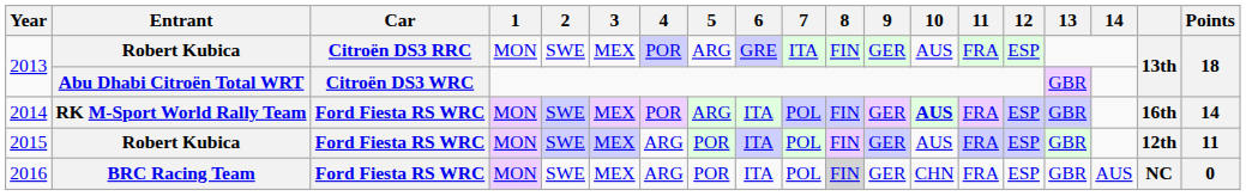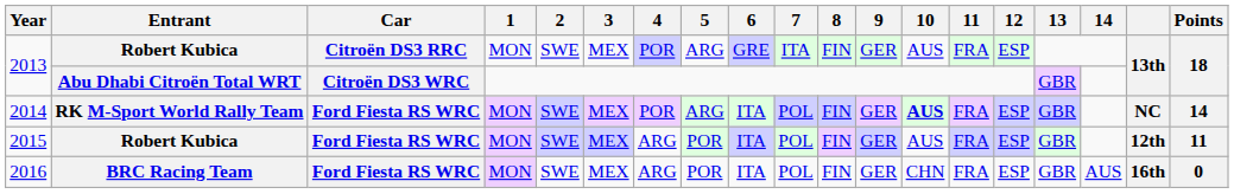 <table class="wikitable" style="text-align:center; font-size:85%;">
 <tr>
 <th>Year</th>
 <th>Entrant</th>
 <th>Car</th>
 <th>1</th>
 <th>2</th>
 <th>3</th>
 <th>4</th>
 <th>5</th>
 <th>6</th>
 <th>7</th>
 <th>8</th>
 <th>9</th>
 <th>10</th>
 <th>11</th>
 <th>12</th>
 <th>13</th>
 <th>14</th>
 <th></th>
 <th>Points</th>
 </tr>
 <tr>
 <td rowspan=2><a href='#'>2013</a></td>
 <th nowrap>Robert Kubica</th>
 <th nowrap><a href='#'>Citroën DS3 RRC</a></th>
 <td><a href='#'>MON</a></td>
 <td><a href='#'>SWE</a></td>
 <td><a href='#'>MEX</a></td>
 <td style="background:#CFCFFF;"><a href='#'>POR</a><br></td>
 <td><a href='#'>ARG</a></td>
 <td style="background:#CFCFFF;"><a href='#'>GRE</a><br></td>
 <td style="background:#DFFFDF;"><a href='#'>ITA</a><br></td>
 <td style="background:#DFFFDF;"><a href='#'>FIN</a><br></td>
 <td style="background:#DFFFDF;"><a href='#'>GER</a><br></td>
 <td><a href='#'>AUS</a></td>
 <td style="background:#DFFFDF;"><a href='#'>FRA</a><br></td>
 <td style="background:#DFFFDF;"><a href='#'>ESP</a><br></td>
 <td colspan=2></td>
 <th rowspan=2>13th</th>
 <th rowspan=2>18</th>
 </tr>
 <tr>
 <th nowrap><a href='#'>Abu Dhabi Citroën Total WRT</a></th>
 <th nowrap><a href='#'>Citroën DS3 WRC</a></th>
 <td colspan=12></td>
 <td style="background:#EFCFFF;"><a href='#'>GBR</a><br></td>
 <td></td>
 </tr>
 <tr>
 <td><a href='#'>2014</a></td>
 <th nowrap>RK <a href='#'>M-Sport World Rally Team</a></th>
 <th nowrap><a href='#'>Ford Fiesta RS WRC</a></th>
 <td style="background:#EFCFFF;"><a href='#'>MON</a><br></td>
 <td style="background:#CFCFFF;"><a href='#'>SWE</a><br></td>
 <td style="background:#EFCFFF;"><a href='#'>MEX</a><br></td>
 <td style="background:#EFCFFF;"><a href='#'>POR</a><br></td>
 <td style="background:#DFFFDF;"><a href='#'>ARG</a><br></td>
 <td style="background:#DFFFDF;"><a href='#'>ITA</a><br></td>
 <td style="background:#CFCFFF;"><a href='#'>POL</a><br></td>
 <td style="background:#CFCFFF;"><a href='#'>FIN</a><br></td>
 <td style="background:#EFCFFF;"><a href='#'>GER</a><br></td>
 <td style="background:#DFFFDF;"><strong><a href='#'>AUS</a><br></strong></td>
 <td style="background:#EFCFFF;"><a href='#'>FRA</a><br></td>
 <td style="background:#CFCFFF;"><a href='#'>ESP</a><br></td>
 <td style="background:#CFCFFF;"><a href='#'>GBR</a><br></td>
 <td></td>
-<th>16th</th>
+<th>NC</th>
 <th>14</th>
 </tr>
 <tr>
 <td><a href='#'>2015</a></td>
 <th nowrap>Robert Kubica</th>
 <th nowrap><a href='#'>Ford Fiesta RS WRC</a></th>
 <td style="background:#EFCFFF;"><a href='#'>MON</a><br></td>
 <td style="background:#CFCFFF;"><a href='#'>SWE</a><br></td>
 <td style="background:#CFCFFF;"><a href='#'>MEX</a><br></td>
 <td><a href='#'>ARG</a></td>
 <td style="background:#DFFFDF;"><a href='#'>POR</a><br></td>
 <td style="background:#CFCFFF;"><a href='#'>ITA</a><br></td>
 <td style="background:#DFFFDF;"><a href='#'>POL</a><br></td>
 <td style="background:#EFCFFF;"><a href='#'>FIN</a><br></td>
 <td style="background:#CFCFFF;"><a href='#'>GER</a><br></td>
 <td><a href='#'>AUS</a></td>
 <td style="background:#CFCFFF;"><a href='#'>FRA</a><br></td>
 <td style="background:#CFCFFF;"><a href='#'>ESP</a><br></td>
 <td style="background:#DFFFDF;"><a href='#'>GBR</a><br></td>
 <td></td>
 <th>12th</th>
 <th>11</th>
 </tr>
 <tr>
 <td><a href='#'>2016</a></td>
 <th nowrap><a href='#'>BRC Racing Team</a></th>
 <th nowrap><a href='#'>Ford Fiesta RS WRC</a></th>
 <td style="background:#EFCFFF;"><a href='#'>MON</a><br></td>
 <td><a href='#'>SWE</a><br></td>
 <td><a href='#'>MEX</a></td>
 <td><a href='#'>ARG</a></td>
 <td><a href='#'>POR</a></td>
 <td><a href='#'>ITA</a></td>
 <td><a href='#'>POL</a></td>
-<td style="background: lightgrey;"><a href='#'>FIN</a></td>
+<td><a href='#'>FIN</a></td>
 <td><a href='#'>GER</a></td>
 <td><a href='#'>CHN</a><br></td>
 <td><a href='#'>FRA</a></td>
 <td><a href='#'>ESP</a></td>
 <td><a href='#'>GBR</a></td>
 <td><a href='#'>AUS</a></td>
-<th>NC</th>
+<th>16th</th>
 <th>0</th>
 </tr>
 </table>
